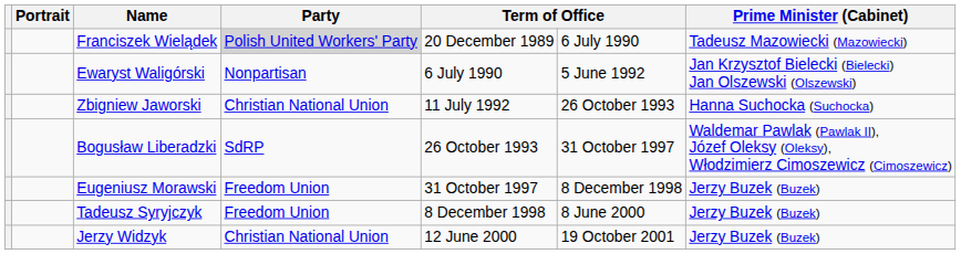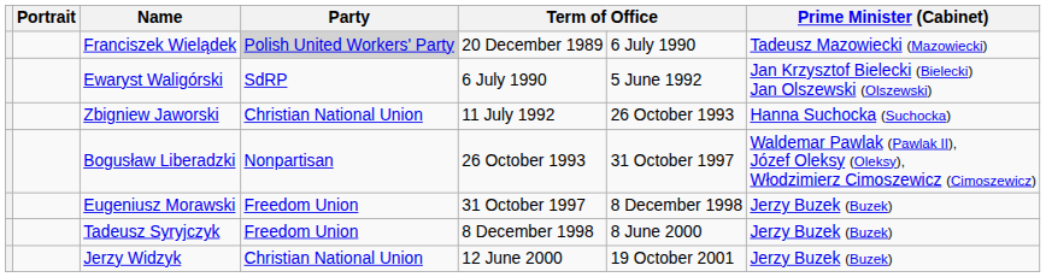 <table class="wikitable">
 <tr>
 <th></th>
 <th>Portrait</th>
 <th>Name</th>
 <th>Party</th>
 <th colspan="2">Term of Office</th>
 <th><a href='#'>Prime Minister</a> (Cabinet)</th>
 </tr>
 <tr>
 <th style="background:"></th>
 <td></td>
 <td><a href='#'>Franciszek Wielądek</a></td>
 <td style="background: lightgrey;"><a href='#'>Polish United Workers' Party</a></td>
 <td>20 December 1989</td>
 <td>6 July 1990</td>
 <td><a href='#'>Tadeusz Mazowiecki</a> <small>(<a href='#'>Mazowiecki</a>)</small></td>
 </tr>
 <tr>
 <th style="background:"></th>
 <td></td>
 <td><a href='#'>Ewaryst Waligórski</a></td>
-<td><a href='#'>Nonpartisan</a></td>
+<td><a href='#'>SdRP</a></td>
 <td>6 July 1990</td>
 <td>5 June 1992</td>
 <td><a href='#'>Jan Krzysztof Bielecki</a> <small>(<a href='#'>Bielecki</a>)</small><br><a href='#'>Jan Olszewski</a> <small>(<a href='#'>Olszewski</a>)</small></td>
 </tr>
 <tr>
 <th style="background:"></th>
 <td></td>
 <td><a href='#'>Zbigniew Jaworski</a></td>
 <td><a href='#'>Christian National Union</a></td>
 <td>11 July 1992</td>
 <td>26 October 1993</td>
 <td><a href='#'>Hanna Suchocka</a> <small>(<a href='#'>Suchocka</a>)</small></td>
 </tr>
 <tr>
 <th style="background:"></th>
 <td></td>
 <td><a href='#'>Bogusław Liberadzki</a></td>
-<td><a href='#'>SdRP</a></td>
+<td><a href='#'>Nonpartisan</a></td>
 <td>26 October 1993</td>
 <td>31 October 1997</td>
 <td><a href='#'>Waldemar Pawlak</a> <small>(<a href='#'>Pawlak II</a>),</small><br><a href='#'>Józef Oleksy</a> <small>(<a href='#'>Oleksy</a>),</small><br><a href='#'>Włodzimierz Cimoszewicz</a> <small>(<a href='#'>Cimoszewicz</a>)</small></td>
 </tr>
 <tr>
 <th style="background:"></th>
 <td></td>
 <td><a href='#'>Eugeniusz Morawski</a></td>
 <td><a href='#'>Freedom Union</a></td>
 <td>31 October 1997</td>
 <td>8 December 1998</td>
 <td><a href='#'>Jerzy Buzek</a> <small>(<a href='#'>Buzek</a>)</small></td>
 </tr>
 <tr>
 <th style="background:"></th>
 <td></td>
 <td><a href='#'>Tadeusz Syryjczyk</a></td>
 <td><a href='#'>Freedom Union</a></td>
 <td>8 December 1998</td>
 <td>8 June 2000</td>
 <td><a href='#'>Jerzy Buzek</a> <small>(<a href='#'>Buzek</a>)</small></td>
 </tr>
 <tr>
 <th style="background:"></th>
 <td></td>
 <td><a href='#'>Jerzy Widzyk</a></td>
 <td><a href='#'>Christian National Union</a></td>
 <td>12 June 2000</td>
 <td>19 October 2001</td>
 <td><a href='#'>Jerzy Buzek</a> <small>(<a href='#'>Buzek</a>)</small></td>
 </tr>
 </table>
